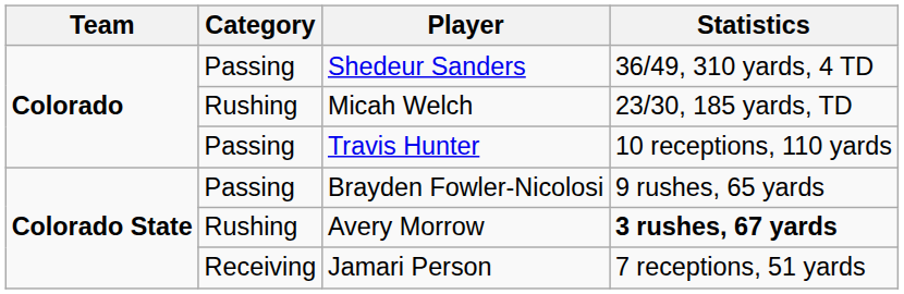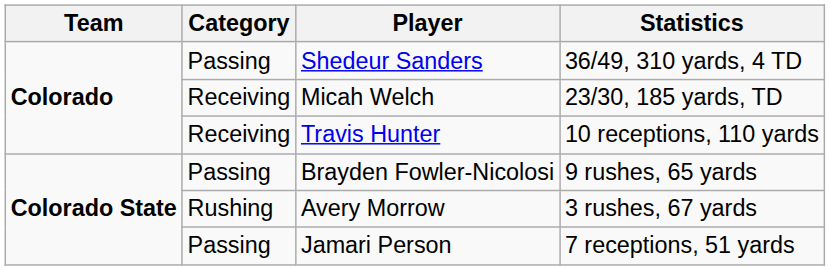 <table class="wikitable" style="float: right;">
 <tr>
 <th>Team</th>
 <th>Category</th>
 <th>Player</th>
 <th>Statistics</th>
 </tr>
 <tr>
 <td rowspan=3><strong>Colorado</strong></td>
 <td>Passing</td>
 <td><a href='#'>Shedeur Sanders</a></td>
 <td>36/49, 310 yards, 4 TD</td>
 </tr>
 <tr>
-<td>Rushing</td>
+<td>Receiving</td>
 <td>Micah Welch</td>
 <td>23/30, 185 yards, TD</td>
 </tr>
 <tr>
-<td>Passing</td>
+<td>Receiving</td>
 <td><a href='#'>Travis Hunter</a></td>
 <td>10 receptions, 110 yards</td>
 </tr>
 <tr>
 <td rowspan=3><strong>Colorado State</strong></td>
 <td>Passing</td>
 <td>Brayden Fowler-Nicolosi</td>
 <td>9 rushes, 65 yards</td>
 </tr>
 <tr>
 <td>Rushing</td>
 <td>Avery Morrow</td>
-<td><strong>3 rushes, 67 yards</strong></td>
+<td>3 rushes, 67 yards</td>
 </tr>
 <tr>
-<td>Receiving</td>
+<td>Passing</td>
 <td>Jamari Person</td>
 <td>7 receptions, 51 yards</td>
 </tr>
 </table>
